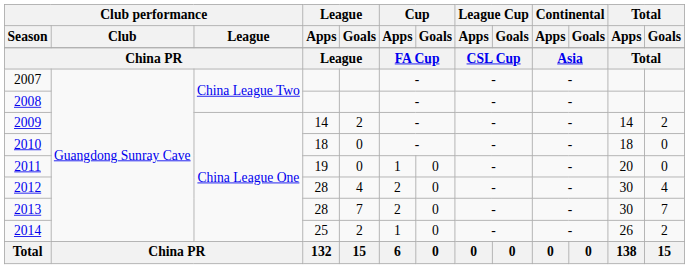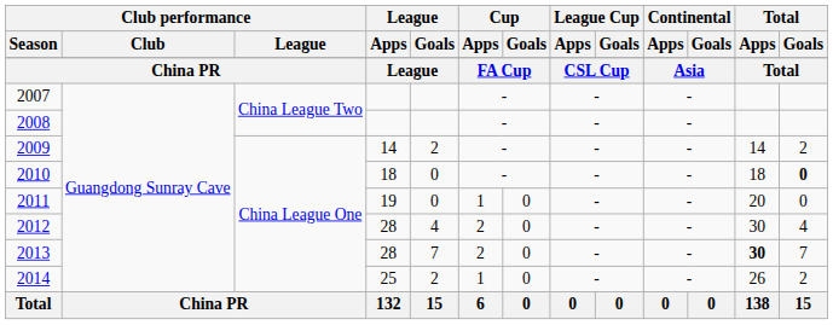 <table class="wikitable" style="text-align:center">
 <tr>
 <th colspan=3>Club performance</th>
 <th colspan=2>League</th>
 <th colspan=2>Cup</th>
 <th colspan=2>League Cup</th>
 <th colspan=2>Continental</th>
 <th colspan=2>Total</th>
 </tr>
 <tr>
 <th>Season</th>
 <th>Club</th>
 <th>League</th>
 <th>Apps</th>
 <th>Goals</th>
 <th>Apps</th>
 <th>Goals</th>
 <th>Apps</th>
 <th>Goals</th>
 <th>Apps</th>
 <th>Goals</th>
 <th>Apps</th>
 <th>Goals</th>
 </tr>
 <tr>
 </tr>
 <tr>
 <th colspan=3>China PR</th>
 <th colspan=2>League</th>
 <th colspan=2><a href='#'>FA Cup</a></th>
 <th colspan=2><a href='#'>CSL Cup</a></th>
 <th colspan=2><a href='#'>Asia</a></th>
 <th colspan=2>Total</th>
 </tr>
 <tr>
 <td>2007</td>
 <td rowspan="8"><a href='#'>Guangdong Sunray Cave</a></td>
 <td rowspan="2"><a href='#'>China League Two</a></td>
 <td></td>
 <td></td>
 <td colspan="2">-</td>
 <td colspan="2">-</td>
 <td colspan="2">-</td>
 <td></td>
 <td></td>
 </tr>
 <tr>
 <td><a href='#'>2008</a></td>
 <td></td>
 <td></td>
 <td colspan="2">-</td>
 <td colspan="2">-</td>
 <td colspan="2">-</td>
 <td></td>
 <td></td>
 </tr>
 <tr>
 <td><a href='#'>2009</a></td>
 <td rowspan="6"><a href='#'>China League One</a></td>
 <td>14</td>
 <td>2</td>
 <td colspan="2">-</td>
 <td colspan="2">-</td>
 <td colspan="2">-</td>
 <td>14</td>
 <td>2</td>
 </tr>
 <tr>
 <td><a href='#'>2010</a></td>
 <td>18</td>
 <td>0</td>
 <td colspan="2">-</td>
 <td colspan="2">-</td>
 <td colspan="2">-</td>
 <td>18</td>
-<td>0</td>
+<td><strong>0</strong></td>
 </tr>
 <tr>
 <td><a href='#'>2011</a></td>
 <td>19</td>
 <td>0</td>
 <td>1</td>
 <td>0</td>
 <td colspan="2">-</td>
 <td colspan="2">-</td>
 <td>20</td>
 <td>0</td>
 </tr>
 <tr>
 <td><a href='#'>2012</a></td>
 <td>28</td>
 <td>4</td>
 <td>2</td>
 <td>0</td>
 <td colspan="2">-</td>
 <td colspan="2">-</td>
 <td>30</td>
 <td>4</td>
 </tr>
 <tr>
 <td><a href='#'>2013</a></td>
 <td>28</td>
 <td>7</td>
 <td>2</td>
 <td>0</td>
 <td colspan="2">-</td>
 <td colspan="2">-</td>
-<td>30</td>
+<td><strong>30</strong></td>
 <td>7</td>
 </tr>
 <tr>
 <td><a href='#'>2014</a></td>
 <td>25</td>
 <td>2</td>
 <td>1</td>
 <td>0</td>
 <td colspan="2">-</td>
 <td colspan="2">-</td>
 <td>26</td>
 <td>2</td>
 </tr>
 <tr>
 <th rowspan=3>Total</th>
 <th colspan=2>China PR</th>
 <th>132</th>
 <th>15</th>
 <th>6</th>
 <th>0</th>
 <th>0</th>
 <th>0</th>
 <th>0</th>
 <th>0</th>
 <th>138</th>
 <th>15</th>
 </tr>
 </table>
